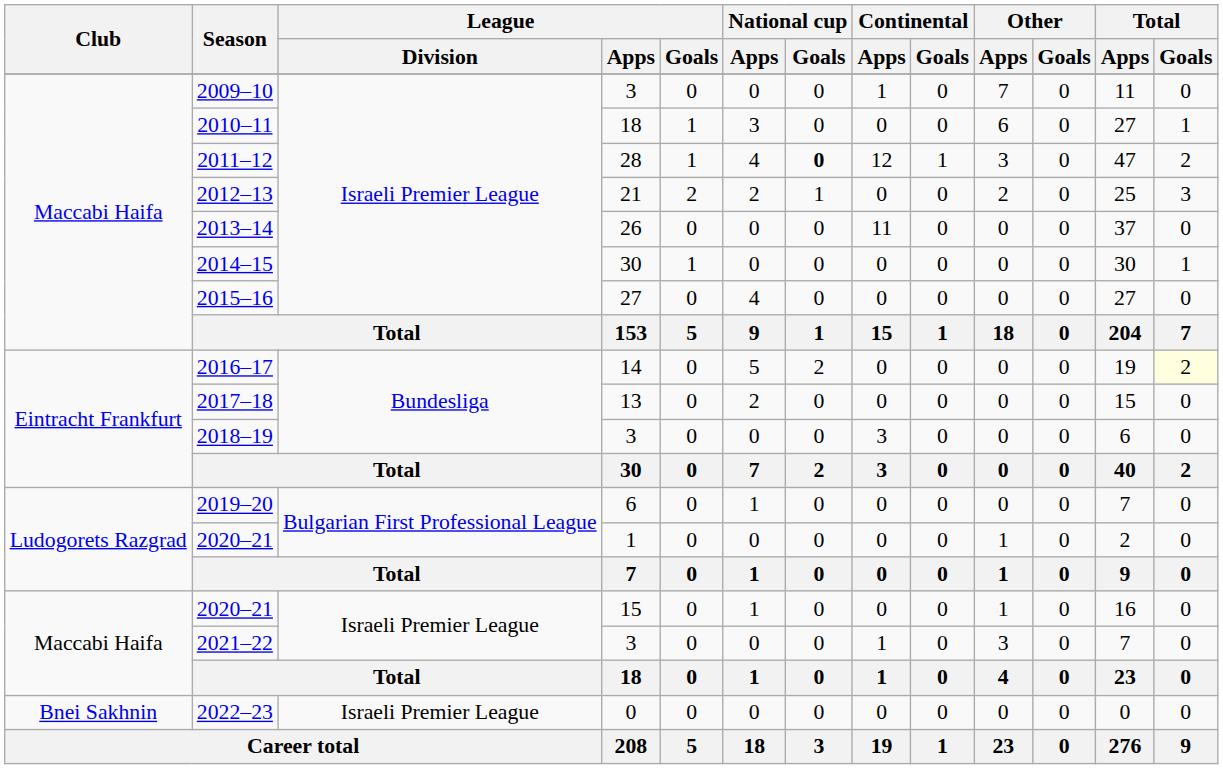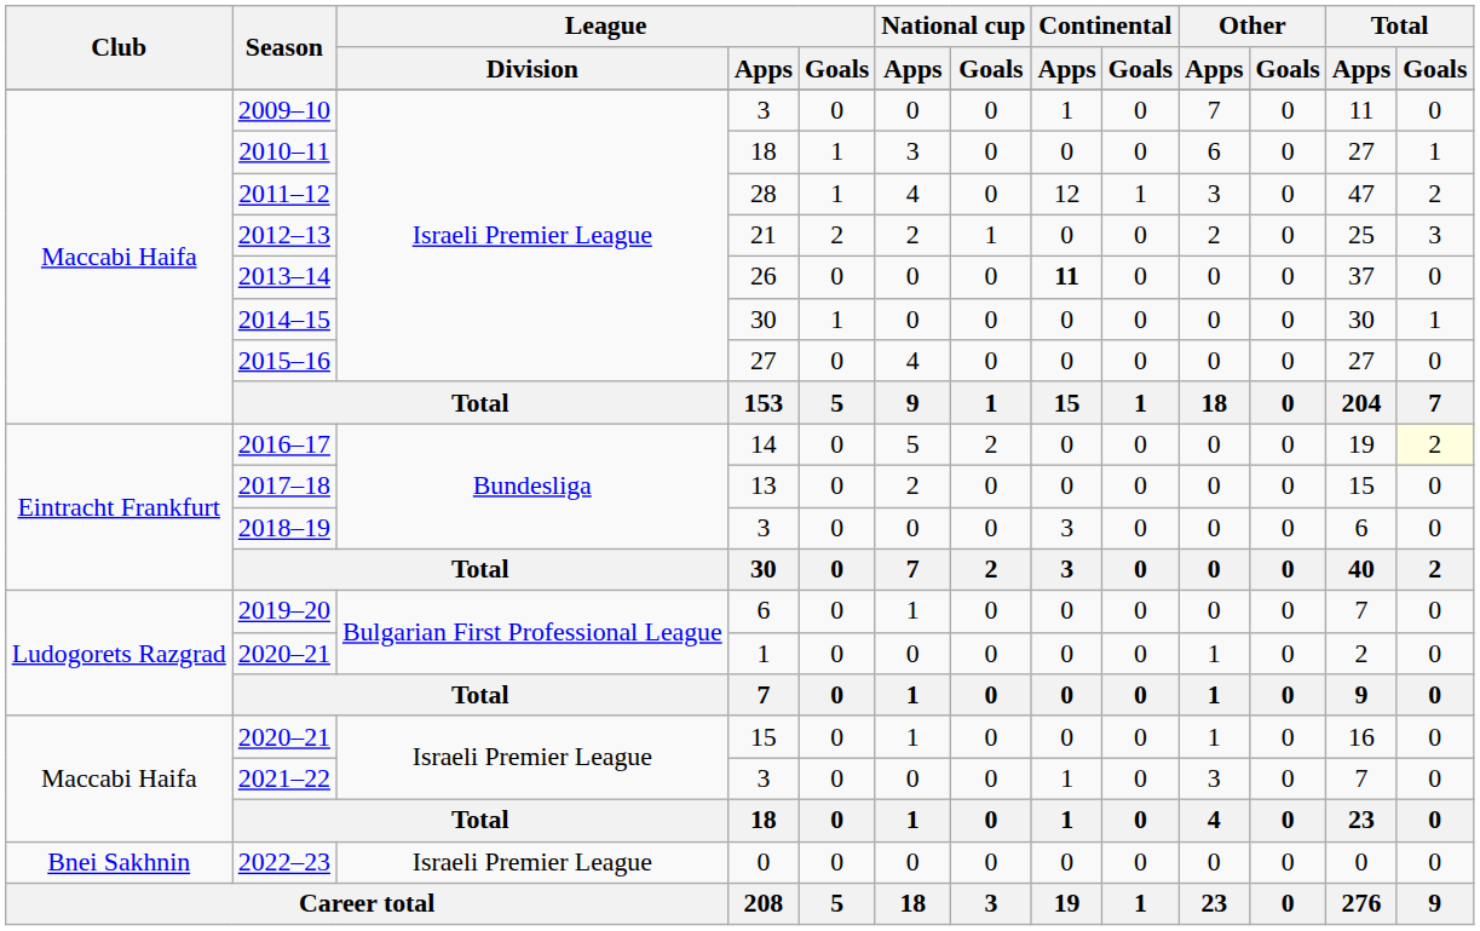 <table class="wikitable" style="text-align:center">
 <tr>
 <th rowspan="2">Club</th>
 <th rowspan="2">Season</th>
 <th colspan="3">League</th>
 <th colspan="2">National cup</th>
 <th colspan="2">Continental</th>
 <th colspan="2">Other</th>
 <th colspan="2">Total</th>
 </tr>
 <tr>
 <th>Division</th>
 <th>Apps</th>
 <th>Goals</th>
 <th>Apps</th>
 <th>Goals</th>
 <th>Apps</th>
 <th>Goals</th>
 <th>Apps</th>
 <th>Goals</th>
 <th>Apps</th>
 <th>Goals</th>
 </tr>
 <tr>
 </tr>
 <tr>
 <td rowspan="8"><a href='#'>Maccabi Haifa</a></td>
 <td><a href='#'>2009–10</a></td>
 <td rowspan="7"><a href='#'>Israeli Premier League</a></td>
 <td>3</td>
 <td>0</td>
 <td>0</td>
 <td>0</td>
 <td>1</td>
 <td>0</td>
 <td>7</td>
 <td>0</td>
 <td>11</td>
 <td>0</td>
 </tr>
 <tr>
 <td><a href='#'>2010–11</a></td>
 <td>18</td>
 <td>1</td>
 <td>3</td>
 <td>0</td>
 <td>0</td>
 <td>0</td>
 <td>6</td>
 <td>0</td>
 <td>27</td>
 <td>1</td>
 </tr>
 <tr>
 <td><a href='#'>2011–12</a></td>
 <td>28</td>
 <td>1</td>
 <td>4</td>
-<td><strong>0</strong></td>
+<td>0</td>
 <td>12</td>
 <td>1</td>
 <td>3</td>
 <td>0</td>
 <td>47</td>
 <td>2</td>
 </tr>
 <tr>
 <td><a href='#'>2012–13</a></td>
 <td>21</td>
 <td>2</td>
 <td>2</td>
 <td>1</td>
 <td>0</td>
 <td>0</td>
 <td>2</td>
 <td>0</td>
 <td>25</td>
 <td>3</td>
 </tr>
 <tr>
 <td><a href='#'>2013–14</a></td>
 <td>26</td>
 <td>0</td>
 <td>0</td>
 <td>0</td>
-<td>11</td>
+<td><strong>11</strong></td>
 <td>0</td>
 <td>0</td>
 <td>0</td>
 <td>37</td>
 <td>0</td>
 </tr>
 <tr>
 <td><a href='#'>2014–15</a></td>
 <td>30</td>
 <td>1</td>
 <td>0</td>
 <td>0</td>
 <td>0</td>
 <td>0</td>
 <td>0</td>
 <td>0</td>
 <td>30</td>
 <td>1</td>
 </tr>
 <tr>
 <td><a href='#'>2015–16</a></td>
 <td>27</td>
 <td>0</td>
 <td>4</td>
 <td>0</td>
 <td>0</td>
 <td>0</td>
 <td>0</td>
 <td>0</td>
 <td>27</td>
 <td>0</td>
 </tr>
 <tr>
 <th colspan="2">Total</th>
 <th>153</th>
 <th>5</th>
 <th>9</th>
 <th>1</th>
 <th>15</th>
 <th>1</th>
 <th>18</th>
 <th>0</th>
 <th>204</th>
 <th>7</th>
 </tr>
 <tr>
 <td rowspan="4"><a href='#'>Eintracht Frankfurt</a></td>
 <td><a href='#'>2016–17</a></td>
 <td rowspan="3"><a href='#'>Bundesliga</a></td>
 <td>14</td>
 <td>0</td>
 <td>5</td>
 <td>2</td>
 <td>0</td>
 <td>0</td>
 <td>0</td>
 <td>0</td>
 <td>19</td>
 <td style="background: lightyellow;">2</td>
 </tr>
 <tr>
 <td><a href='#'>2017–18</a></td>
 <td>13</td>
 <td>0</td>
 <td>2</td>
 <td>0</td>
 <td>0</td>
 <td>0</td>
 <td>0</td>
 <td>0</td>
 <td>15</td>
 <td>0</td>
 </tr>
 <tr>
 <td><a href='#'>2018–19</a></td>
 <td>3</td>
 <td>0</td>
 <td>0</td>
 <td>0</td>
 <td>3</td>
 <td>0</td>
 <td>0</td>
 <td>0</td>
 <td>6</td>
 <td>0</td>
 </tr>
 <tr>
 <th colspan="2">Total</th>
 <th>30</th>
 <th>0</th>
 <th>7</th>
 <th>2</th>
 <th>3</th>
 <th>0</th>
 <th>0</th>
 <th>0</th>
 <th>40</th>
 <th>2</th>
 </tr>
 <tr>
 <td rowspan="3"><a href='#'>Ludogorets Razgrad</a></td>
 <td><a href='#'>2019–20</a></td>
 <td rowspan="2"><a href='#'>Bulgarian First Professional League</a></td>
 <td>6</td>
 <td>0</td>
 <td>1</td>
 <td>0</td>
 <td>0</td>
 <td>0</td>
 <td>0</td>
 <td>0</td>
 <td>7</td>
 <td>0</td>
 </tr>
 <tr>
 <td><a href='#'>2020–21</a></td>
 <td>1</td>
 <td>0</td>
 <td>0</td>
 <td>0</td>
 <td>0</td>
 <td>0</td>
 <td>1</td>
 <td>0</td>
 <td>2</td>
 <td>0</td>
 </tr>
 <tr>
 <th colspan="2">Total</th>
 <th>7</th>
 <th>0</th>
 <th>1</th>
 <th>0</th>
 <th>0</th>
 <th>0</th>
 <th>1</th>
 <th>0</th>
 <th>9</th>
 <th>0</th>
 </tr>
 <tr>
 <td rowspan="3">Maccabi Haifa</td>
 <td><a href='#'>2020–21</a></td>
 <td rowspan="2">Israeli Premier League</td>
 <td>15</td>
 <td>0</td>
 <td>1</td>
 <td>0</td>
 <td>0</td>
 <td>0</td>
 <td>1</td>
 <td>0</td>
 <td>16</td>
 <td>0</td>
 </tr>
 <tr>
 <td><a href='#'>2021–22</a></td>
 <td>3</td>
 <td>0</td>
 <td>0</td>
 <td>0</td>
 <td>1</td>
 <td>0</td>
 <td>3</td>
 <td>0</td>
 <td>7</td>
 <td>0</td>
 </tr>
 <tr>
 <th colspan="2">Total</th>
 <th>18</th>
 <th>0</th>
 <th>1</th>
 <th>0</th>
 <th>1</th>
 <th>0</th>
 <th>4</th>
 <th>0</th>
 <th>23</th>
 <th>0</th>
 </tr>
 <tr>
 <td><a href='#'>Bnei Sakhnin</a></td>
 <td><a href='#'>2022–23</a></td>
 <td>Israeli Premier League</td>
 <td>0</td>
 <td>0</td>
 <td>0</td>
 <td>0</td>
 <td>0</td>
 <td>0</td>
 <td>0</td>
 <td>0</td>
 <td>0</td>
 <td>0</td>
 </tr>
 <tr>
 <th colspan="3">Career total</th>
 <th>208</th>
 <th>5</th>
 <th>18</th>
 <th>3</th>
 <th>19</th>
 <th>1</th>
 <th>23</th>
 <th>0</th>
 <th>276</th>
 <th>9</th>
 </tr>
 </table>
